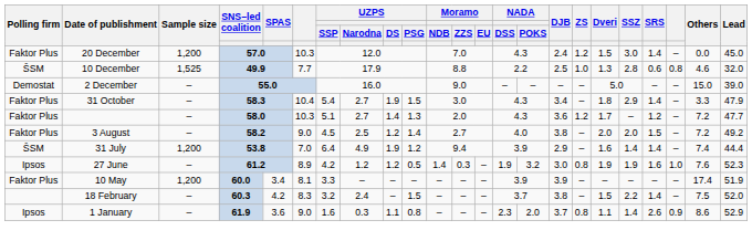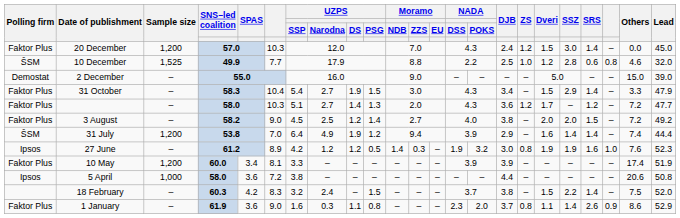 <table class="wikitable" style="text-align:center; font-size:85%; line-height:16px; margin-bottom:0">
 <tr>
 <th rowspan="4">Polling firm</th>
 <th rowspan="4">Date of publishment</th>
 <th rowspan="4">Sample size</th>
 <th rowspan="3"><a href='#'>SNS–led<br>coalition</a></th>
 <th rowspan="3"><a href='#'>SPAS</a></th>
 <th rowspan="3"></th>
 <th colspan="4"><a href='#'>UZPS</a></th>
 <th colspan="3"><a href='#'>Moramo</a></th>
 <th colspan="2"><a href='#'>NADA</a></th>
 <th rowspan="3"><a href='#'>DJB</a></th>
 <th rowspan="3"><a href='#'>ZS</a></th>
 <th rowspan="3"><a href='#'>Dveri</a></th>
 <th rowspan="3"><a href='#'>SSZ</a></th>
 <th rowspan="3"><a href='#'>SRS</a></th>
 <th rowspan="3"></th>
 <th rowspan="4">Others</th>
 <th rowspan="4">Lead</th>
 </tr>
 <tr>
 <th colspan="4" style="background:"></th>
 <th colspan="3" style="background:"></th>
 <th colspan="2" style="background:"></th>
 </tr>
 <tr>
 <th><a href='#'>SSP</a></th>
 <th><a href='#'>Narodna</a></th>
 <th><a href='#'>DS</a></th>
 <th><a href='#'>PSG</a></th>
 <th><a href='#'>NDB</a></th>
 <th><a href='#'>ZZS</a></th>
 <th><a href='#'>EU</a></th>
 <th><a href='#'>DSS</a></th>
 <th><a href='#'>POKS</a></th>
 </tr>
 <tr>
 <th style="background:"></th>
 <th style="background:"></th>
 <th style="background:"></th>
 <th style="background:"></th>
 <th style="background:"></th>
 <th style="background:"></th>
 <th style="background:"></th>
 <th style="background:"></th>
 <th style="background:"></th>
 <th style="background:"></th>
 <th style="background:"></th>
 <th style="background:"></th>
 <th style="background:"></th>
 <th style="background:"></th>
 <th style="background:"></th>
 <th style="background:"></th>
 <th style="background:"></th>
 <th style="background:"></th>
 </tr>
 <tr>
 <td>Faktor Plus</td>
 <td>20 December</td>
 <td>1,200</td>
 <td colspan="2" style="background:#C8D9EC"><strong>57.0</strong></td>
 <td>10.3</td>
 <td colspan="4">12.0</td>
 <td colspan="3">7.0</td>
 <td colspan="2">4.3</td>
 <td>2.4</td>
 <td>1.2</td>
 <td>1.5</td>
 <td>3.0</td>
 <td>1.4</td>
 <td>–</td>
 <td>0.0</td>
 <td style="background:">45.0</td>
 </tr>
 <tr>
 <td>ŠSM</td>
 <td>10 December</td>
 <td>1,525</td>
 <td colspan="2" style="background:#C8D9EC"><strong>49.9</strong></td>
 <td>7.7</td>
 <td colspan="4">17.9</td>
 <td colspan="3">8.8</td>
 <td colspan="2">2.2</td>
 <td>2.5</td>
 <td>1.0</td>
-<td>1.3</td>
+<td>1.2</td>
 <td>2.8</td>
 <td>0.6</td>
 <td>0.8</td>
 <td>4.6</td>
 <td style="background:">32.0</td>
 </tr>
 <tr>
 <td>Demostat</td>
 <td>2 December</td>
 <td>–</td>
 <td colspan="3" style="background:#C8D9EC"><strong>55.0</strong></td>
 <td colspan="4">16.0</td>
 <td colspan="3">9.0</td>
 <td>–</td>
 <td>–</td>
 <td>–</td>
 <td>–</td>
 <td colspan="2">5.0</td>
 <td>–</td>
 <td>–</td>
 <td>15.0</td>
 <td style="background:">39.0</td>
 </tr>
 <tr>
 <td>Faktor Plus</td>
 <td>31 October</td>
 <td>–</td>
 <td colspan="2" style="background:#C8D9EC"><strong>58.3</strong></td>
 <td>10.4</td>
 <td>5.4</td>
 <td>2.7</td>
 <td>1.9</td>
 <td>1.5</td>
 <td colspan="3">3.0</td>
 <td colspan="2">4.3</td>
 <td>3.4</td>
 <td>–</td>
-<td>1.8</td>
+<td>1.5</td>
 <td>2.9</td>
 <td>1.4</td>
 <td>–</td>
 <td>3.3</td>
 <td style="background:">47.9</td>
 </tr>
 <tr>
 <td>Faktor Plus</td>
 <td></td>
 <td>–</td>
 <td colspan="2" style="background:#C8D9EC"><strong>58.0</strong></td>
 <td>10.3</td>
 <td>5.1</td>
 <td>2.7</td>
 <td>1.4</td>
 <td>1.3</td>
 <td colspan="3">2.0</td>
 <td colspan="2">4.3</td>
 <td>3.6</td>
 <td>1.2</td>
 <td>1.7</td>
 <td>–</td>
 <td>1.2</td>
 <td>–</td>
 <td>7.2</td>
 <td style="background:">47.7</td>
 </tr>
 <tr>
 <td>Faktor Plus</td>
 <td>3 August</td>
 <td>–</td>
 <td colspan="2" style="background:#C8D9EC"><strong>58.2</strong></td>
 <td>9.0</td>
 <td>4.5</td>
 <td>2.5</td>
 <td>1.2</td>
 <td>1.4</td>
 <td colspan="3">2.7</td>
 <td colspan="2">4.0</td>
 <td>3.8</td>
 <td>–</td>
 <td>2.0</td>
 <td>2.0</td>
 <td>1.5</td>
 <td>–</td>
 <td>7.2</td>
 <td style="background:">49.2</td>
 </tr>
 <tr>
 <td>ŠSM</td>
 <td>31 July</td>
 <td>1,200</td>
 <td colspan="2" style="background:#C8D9EC"><strong>53.8</strong></td>
 <td>7.0</td>
 <td>6.4</td>
 <td>4.9</td>
 <td>1.9</td>
 <td>1.2</td>
 <td colspan="3">9.4</td>
 <td colspan="2">3.9</td>
 <td>2.9</td>
 <td>–</td>
 <td>1.6</td>
 <td>1.4</td>
 <td>1.4</td>
 <td>–</td>
 <td>7.4</td>
 <td style="background:">44.4</td>
 </tr>
 <tr>
 <td>Ipsos</td>
 <td>27 June</td>
 <td>–</td>
 <td colspan="2" style="background:#C8D9EC"><strong>61.2</strong></td>
 <td>8.9</td>
 <td>4.2</td>
 <td>1.2</td>
 <td>1.2</td>
 <td>0.5</td>
 <td>1.4</td>
 <td>0.3</td>
 <td>–</td>
 <td>1.9</td>
 <td>3.2</td>
 <td>3.0</td>
 <td>0.8</td>
 <td>1.9</td>
 <td>1.9</td>
 <td>1.6</td>
 <td>1.0</td>
 <td>7.6</td>
 <td style="background:">52.3</td>
 </tr>
 <tr>
 <td>Faktor Plus</td>
 <td>10 May</td>
 <td>1,200</td>
 <td style="background:#C8D9EC"><strong>60.0</strong></td>
 <td>3.4</td>
 <td>8.1</td>
 <td>3.3</td>
 <td>–</td>
 <td>–</td>
 <td>–</td>
 <td>–</td>
 <td>–</td>
 <td>–</td>
 <td colspan="2">3.9</td>
 <td>3.9</td>
 <td>–</td>
 <td>–</td>
 <td>–</td>
 <td>–</td>
 <td>–</td>
 <td>17.4</td>
 <td style="background:">51.9</td>
 </tr>
 <tr>
+<td>Ipsos</td>
+<td>5 April</td>
+<td>1,000</td>
+<td style="background:#C8D9EC"><strong>58.0</strong></td>
+<td>3.6</td>
+<td>7.2</td>
+<td>3.8</td>
+<td>–</td>
+<td>–</td>
+<td>–</td>
+<td>–</td>
+<td>–</td>
+<td>–</td>
+<td>–</td>
+<td>–</td>
+<td>4.4</td>
+<td>–</td>
+<td>–</td>
+<td>–</td>
+<td>–</td>
+<td>–</td>
+<td>20.6</td>
+<td style="background:">50.8</td>
+</tr>
+<tr>
 <td></td>
 <td>18 February</td>
 <td>–</td>
 <td style="background:#C8D9EC"><strong>60.3</strong></td>
 <td>4.2</td>
 <td>8.3</td>
 <td>3.2</td>
 <td>2.4</td>
 <td>–</td>
 <td>1.5</td>
 <td>–</td>
 <td>–</td>
 <td>–</td>
 <td colspan="2">3.7</td>
 <td>3.8</td>
 <td>–</td>
 <td>1.5</td>
 <td>2.2</td>
 <td>1.4</td>
 <td>–</td>
 <td>7.5</td>
 <td style="background:">52.0</td>
 </tr>
 <tr>
-<td>Ipsos</td>
+<td>Faktor Plus</td>
 <td>1 January</td>
 <td>–</td>
 <td style="background:#C8D9EC"><strong>61.9</strong></td>
 <td>3.6</td>
 <td>9.0</td>
 <td>1.6</td>
 <td>0.3</td>
 <td>1.1</td>
 <td>0.8</td>
 <td>–</td>
 <td>–</td>
 <td>–</td>
 <td>2.3</td>
 <td>2.0</td>
 <td>3.7</td>
 <td>0.8</td>
 <td>1.1</td>
 <td>1.4</td>
 <td>2.6</td>
 <td>0.9</td>
 <td>8.6</td>
 <td style="background:">52.9</td>
 </tr>
 </table>
